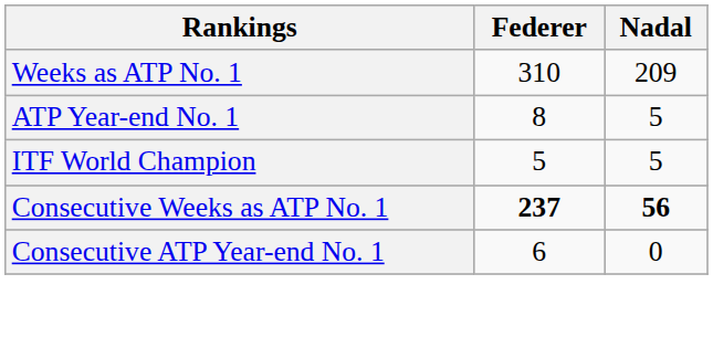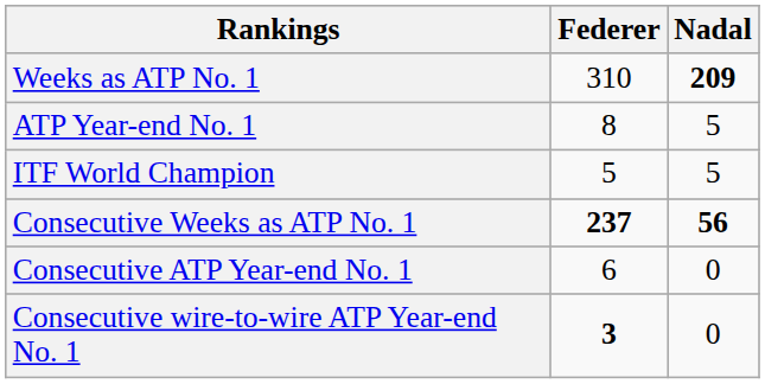 <table class=wikitable style="width:45%; vertical-align:top; text-align:center;">
 <tr>
 <th>Rankings</th>
 <th>Federer</th>
 <th>Nadal</th>
 </tr>
 <tr>
 <td style="background:#F2F2F2; text-align: left;"><a href='#'>Weeks as ATP No. 1</a></td>
 <td>310</td>
-<td>209</td>
+<td><strong>209</strong></td>
 </tr>
 <tr>
 <td style="background:#F2F2F2; text-align: left;"><a href='#'>ATP Year-end No. 1</a></td>
 <td>8</td>
 <td>5</td>
 </tr>
 <tr>
 <td style="background:#F2F2F2; text-align: left;"><a href='#'>ITF World Champion</a></td>
 <td>5</td>
 <td>5</td>
 </tr>
 <tr>
 <td style="background:#F2F2F2; text-align: left;"><a href='#'>Consecutive Weeks as ATP No. 1</a></td>
 <td><strong>237</strong></td>
 <td><strong>56</strong></td>
 </tr>
 <tr>
 <td style="background:#F2F2F2; text-align: left;"><a href='#'>Consecutive ATP Year-end No. 1</a></td>
 <td>6</td>
 <td>0</td>
 </tr>
+<tr>
+<td style="background:#F2F2F2; text-align: left;"><a href='#'>Consecutive wire-to-wire ATP Year-end No. 1</a></td>
+<td><strong>3</strong></td>
+<td>0</td>
+</tr>
 </table>
